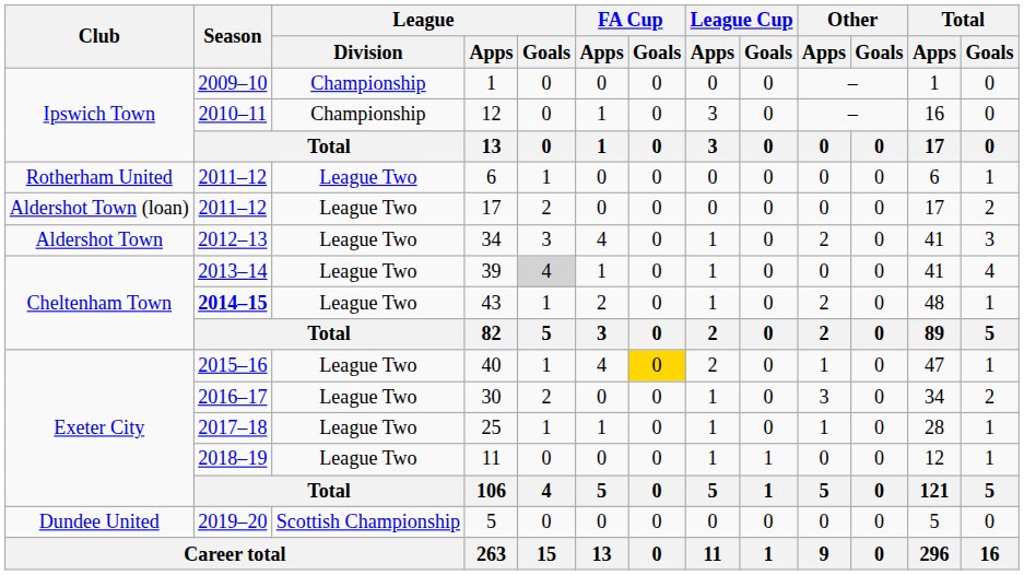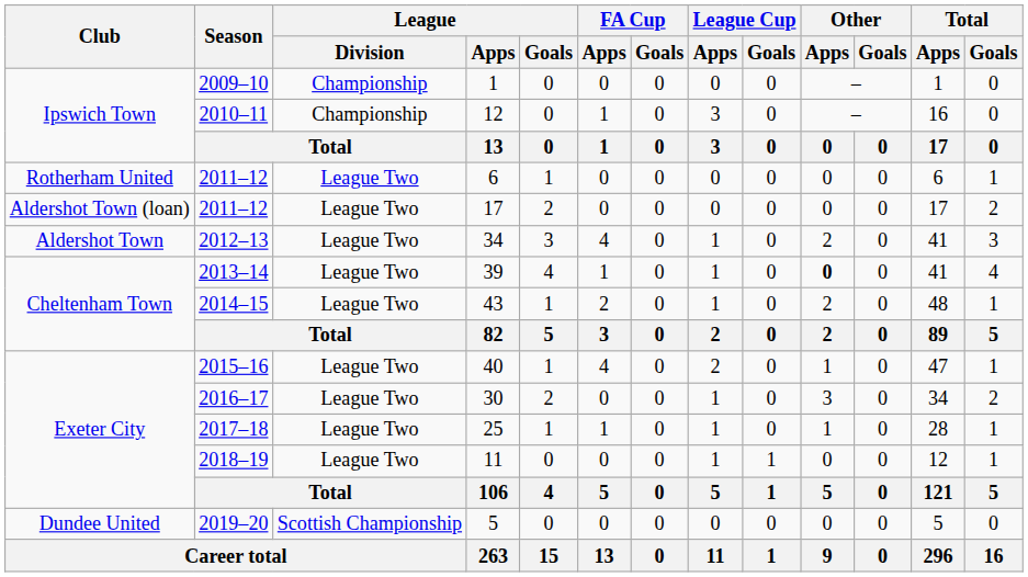 <table class="wikitable" style="text-align:center">
 <tr>
 <th rowspan="2">Club</th>
 <th rowspan="2">Season</th>
 <th colspan="3">League</th>
 <th colspan="2"><a href='#'>FA Cup</a></th>
 <th colspan="2"><a href='#'>League Cup</a></th>
 <th colspan="2">Other</th>
 <th colspan="2">Total</th>
 </tr>
 <tr>
 <th>Division</th>
 <th>Apps</th>
 <th>Goals</th>
 <th>Apps</th>
 <th>Goals</th>
 <th>Apps</th>
 <th>Goals</th>
 <th>Apps</th>
 <th>Goals</th>
 <th>Apps</th>
 <th>Goals</th>
 </tr>
 <tr>
 <td rowspan="3"><a href='#'>Ipswich Town</a></td>
 <td><a href='#'>2009–10</a></td>
 <td><a href='#'>Championship</a></td>
 <td>1</td>
 <td>0</td>
 <td>0</td>
 <td>0</td>
 <td>0</td>
 <td>0</td>
 <td colspan="2">–</td>
 <td>1</td>
 <td>0</td>
 </tr>
 <tr>
 <td><a href='#'>2010–11</a></td>
 <td>Championship</td>
 <td>12</td>
 <td>0</td>
 <td>1</td>
 <td>0</td>
 <td>3</td>
 <td>0</td>
 <td colspan="2">–</td>
 <td>16</td>
 <td>0</td>
 </tr>
 <tr>
 <th colspan="2">Total</th>
 <th>13</th>
 <th>0</th>
 <th>1</th>
 <th>0</th>
 <th>3</th>
 <th>0</th>
 <th>0</th>
 <th>0</th>
 <th>17</th>
 <th>0</th>
 </tr>
 <tr>
 <td><a href='#'>Rotherham United</a></td>
 <td><a href='#'>2011–12</a></td>
 <td><a href='#'>League Two</a></td>
 <td>6</td>
 <td>1</td>
 <td>0</td>
 <td>0</td>
 <td>0</td>
 <td>0</td>
 <td>0</td>
 <td>0</td>
 <td>6</td>
 <td>1</td>
 </tr>
 <tr>
 <td><a href='#'>Aldershot Town</a> (loan)</td>
 <td><a href='#'>2011–12</a></td>
 <td>League Two</td>
 <td>17</td>
 <td>2</td>
 <td>0</td>
 <td>0</td>
 <td>0</td>
 <td>0</td>
 <td>0</td>
 <td>0</td>
 <td>17</td>
 <td>2</td>
 </tr>
 <tr>
 <td><a href='#'>Aldershot Town</a></td>
 <td><a href='#'>2012–13</a></td>
 <td>League Two</td>
 <td>34</td>
 <td>3</td>
 <td>4</td>
 <td>0</td>
 <td>1</td>
 <td>0</td>
 <td>2</td>
 <td>0</td>
 <td>41</td>
 <td>3</td>
 </tr>
 <tr>
 <td rowspan="3"><a href='#'>Cheltenham Town</a></td>
 <td><a href='#'>2013–14</a></td>
 <td>League Two</td>
 <td>39</td>
-<td style="background: lightgrey;">4</td>
+<td>4</td>
 <td>1</td>
 <td>0</td>
 <td>1</td>
 <td>0</td>
-<td>0</td>
+<td><strong>0</strong></td>
 <td>0</td>
 <td>41</td>
 <td>4</td>
 </tr>
 <tr>
-<td><strong><a href='#'>2014–15</a></strong></td>
+<td><a href='#'>2014–15</a></td>
 <td>League Two</td>
 <td>43</td>
 <td>1</td>
 <td>2</td>
 <td>0</td>
 <td>1</td>
 <td>0</td>
 <td>2</td>
 <td>0</td>
 <td>48</td>
 <td>1</td>
 </tr>
 <tr>
 <th colspan="2">Total</th>
 <th>82</th>
 <th>5</th>
 <th>3</th>
 <th>0</th>
 <th>2</th>
 <th>0</th>
 <th>2</th>
 <th>0</th>
 <th>89</th>
 <th>5</th>
 </tr>
 <tr>
 <td rowspan="5"><a href='#'>Exeter City</a></td>
 <td><a href='#'>2015–16</a></td>
 <td>League Two</td>
 <td>40</td>
 <td>1</td>
 <td>4</td>
-<td style="background: gold;">0</td>
+<td>0</td>
 <td>2</td>
 <td>0</td>
 <td>1</td>
 <td>0</td>
 <td>47</td>
 <td>1</td>
 </tr>
 <tr>
 <td><a href='#'>2016–17</a></td>
 <td>League Two</td>
 <td>30</td>
 <td>2</td>
 <td>0</td>
 <td>0</td>
 <td>1</td>
 <td>0</td>
 <td>3</td>
 <td>0</td>
 <td>34</td>
 <td>2</td>
 </tr>
 <tr>
 <td><a href='#'>2017–18</a></td>
 <td>League Two</td>
 <td>25</td>
 <td>1</td>
 <td>1</td>
 <td>0</td>
 <td>1</td>
 <td>0</td>
 <td>1</td>
 <td>0</td>
 <td>28</td>
 <td>1</td>
 </tr>
 <tr>
 <td><a href='#'>2018–19</a></td>
 <td>League Two</td>
 <td>11</td>
 <td>0</td>
 <td>0</td>
 <td>0</td>
 <td>1</td>
 <td>1</td>
 <td>0</td>
 <td>0</td>
 <td>12</td>
 <td>1</td>
 </tr>
 <tr>
 <th colspan="2">Total</th>
 <th>106</th>
 <th>4</th>
 <th>5</th>
 <th>0</th>
 <th>5</th>
 <th>1</th>
 <th>5</th>
 <th>0</th>
 <th>121</th>
 <th>5</th>
 </tr>
 <tr>
 <td><a href='#'>Dundee United</a></td>
 <td><a href='#'>2019–20</a></td>
 <td><a href='#'>Scottish Championship</a></td>
 <td>5</td>
 <td>0</td>
 <td>0</td>
 <td>0</td>
 <td>0</td>
 <td>0</td>
 <td>0</td>
 <td>0</td>
 <td>5</td>
 <td>0</td>
 </tr>
 <tr>
 <th colspan="3">Career total</th>
 <th>263</th>
 <th>15</th>
 <th>13</th>
 <th>0</th>
 <th>11</th>
 <th>1</th>
 <th>9</th>
 <th>0</th>
 <th>296</th>
 <th>16</th>
 </tr>
 </table>
